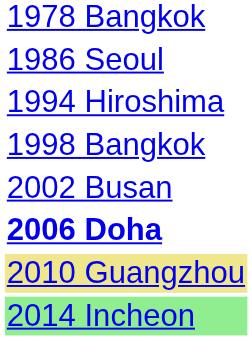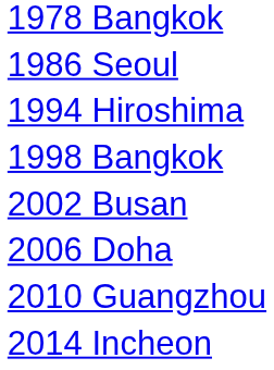 <table>
 <tr>
 <td><a href='#'>1978 Bangkok</a></td>
 <td></td>
 <td></td>
 <td></td>
 </tr>
 <tr>
 <td><a href='#'>1986 Seoul</a></td>
 <td></td>
 <td></td>
 <td></td>
 </tr>
 <tr>
 <td><a href='#'>1994 Hiroshima</a></td>
 <td></td>
 <td></td>
 <td></td>
 </tr>
 <tr>
 <td><a href='#'>1998 Bangkok</a></td>
 <td></td>
 <td></td>
 <td></td>
 </tr>
 <tr>
 <td><a href='#'>2002 Busan</a></td>
 <td></td>
 <td></td>
 <td></td>
 </tr>
 <tr>
-<td><strong><a href='#'>2006 Doha</a></strong></td>
+<td><a href='#'>2006 Doha</a></td>
 <td></td>
 <td></td>
 <td></td>
 </tr>
 <tr>
-<td style="background: khaki;"><a href='#'>2010 Guangzhou</a></td>
+<td><a href='#'>2010 Guangzhou</a></td>
 <td></td>
 <td></td>
 <td></td>
 </tr>
 <tr>
-<td style="background: lightgreen;"><a href='#'>2014 Incheon</a></td>
+<td><a href='#'>2014 Incheon</a></td>
 <td></td>
 <td></td>
 <td></td>
 </tr>
 </table>
